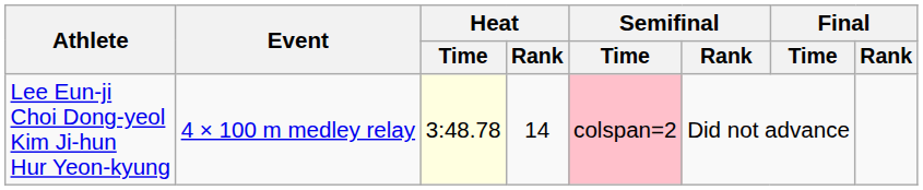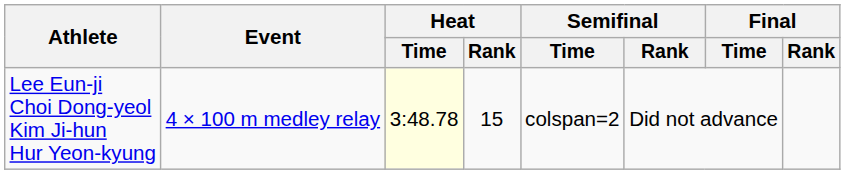 <table class=wikitable style="font-size:90%;">
 <tr>
 <th rowspan=2>Athlete</th>
 <th rowspan=2>Event</th>
 <th colspan=2>Heat</th>
 <th colspan=2>Semifinal</th>
 <th colspan=2>Final</th>
 </tr>
 <tr style="font-size:95%">
 <th>Time</th>
 <th>Rank</th>
 <th>Time</th>
 <th>Rank</th>
 <th>Time</th>
 <th>Rank</th>
 </tr>
 <tr align=center>
 <td align=left><a href='#'>Lee Eun-ji</a><br><a href='#'>Choi Dong-yeol</a><br><a href='#'>Kim Ji-hun</a><br><a href='#'>Hur Yeon-kyung</a></td>
 <td align=left><a href='#'>4 × 100 m medley relay</a></td>
 <td style="background: lightyellow;">3:48.78</td>
-<td>14</td>
-<td style="background: pink;">colspan=2 </td>
+<td>15</td>
+<td>colspan=2 </td>
 <td colspan=2>Did not advance</td>
 </tr>
 </table>
